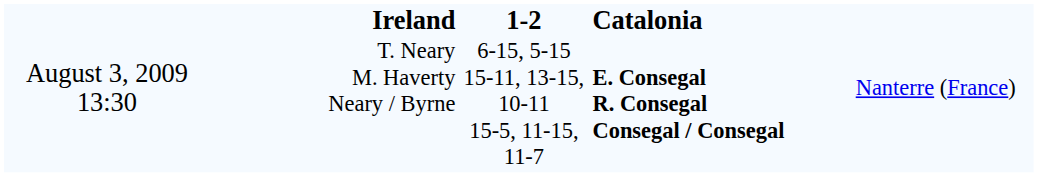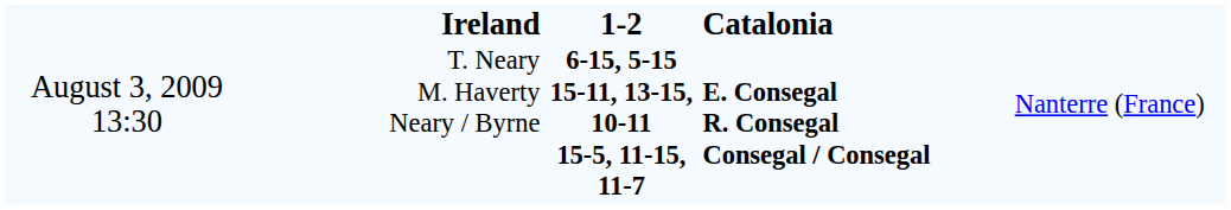 <table style="width: 100%; background:#F5FAFF;" cellspacing="0">
 <tr>
 <td align=center rowspan=3 width=20%>August 3, 2009<br>13:30</td>
 </tr>
 <tr>
 <td width=24% align=right><strong>Ireland</strong></td>
 <td align=center width=13%><strong>1-2</strong></td>
 <td width=24%><strong>Catalonia</strong></td>
 <td style=font-size:85% rowspan=3 valign=middle align=center><a href='#'>Nanterre</a> (<a href='#'>France</a>)</td>
 </tr>
 <tr style=font-size:85%>
 <td align=right valign=top>T. Neary<br>M. Haverty<br>Neary / Byrne</td>
-<td align=center>6-15, 5-15<br>15-11, 13-15, 10-11<br>15-5, 11-15, 11-7</td>
+<td align=center><strong>6-15, 5-15<br>15-11, 13-15, 10-11<br>15-5, 11-15, 11-7</strong></td>
 <td><strong>E. Consegal<br>R. Consegal<br>Consegal / Consegal</strong></td>
 </tr>
 </table>
